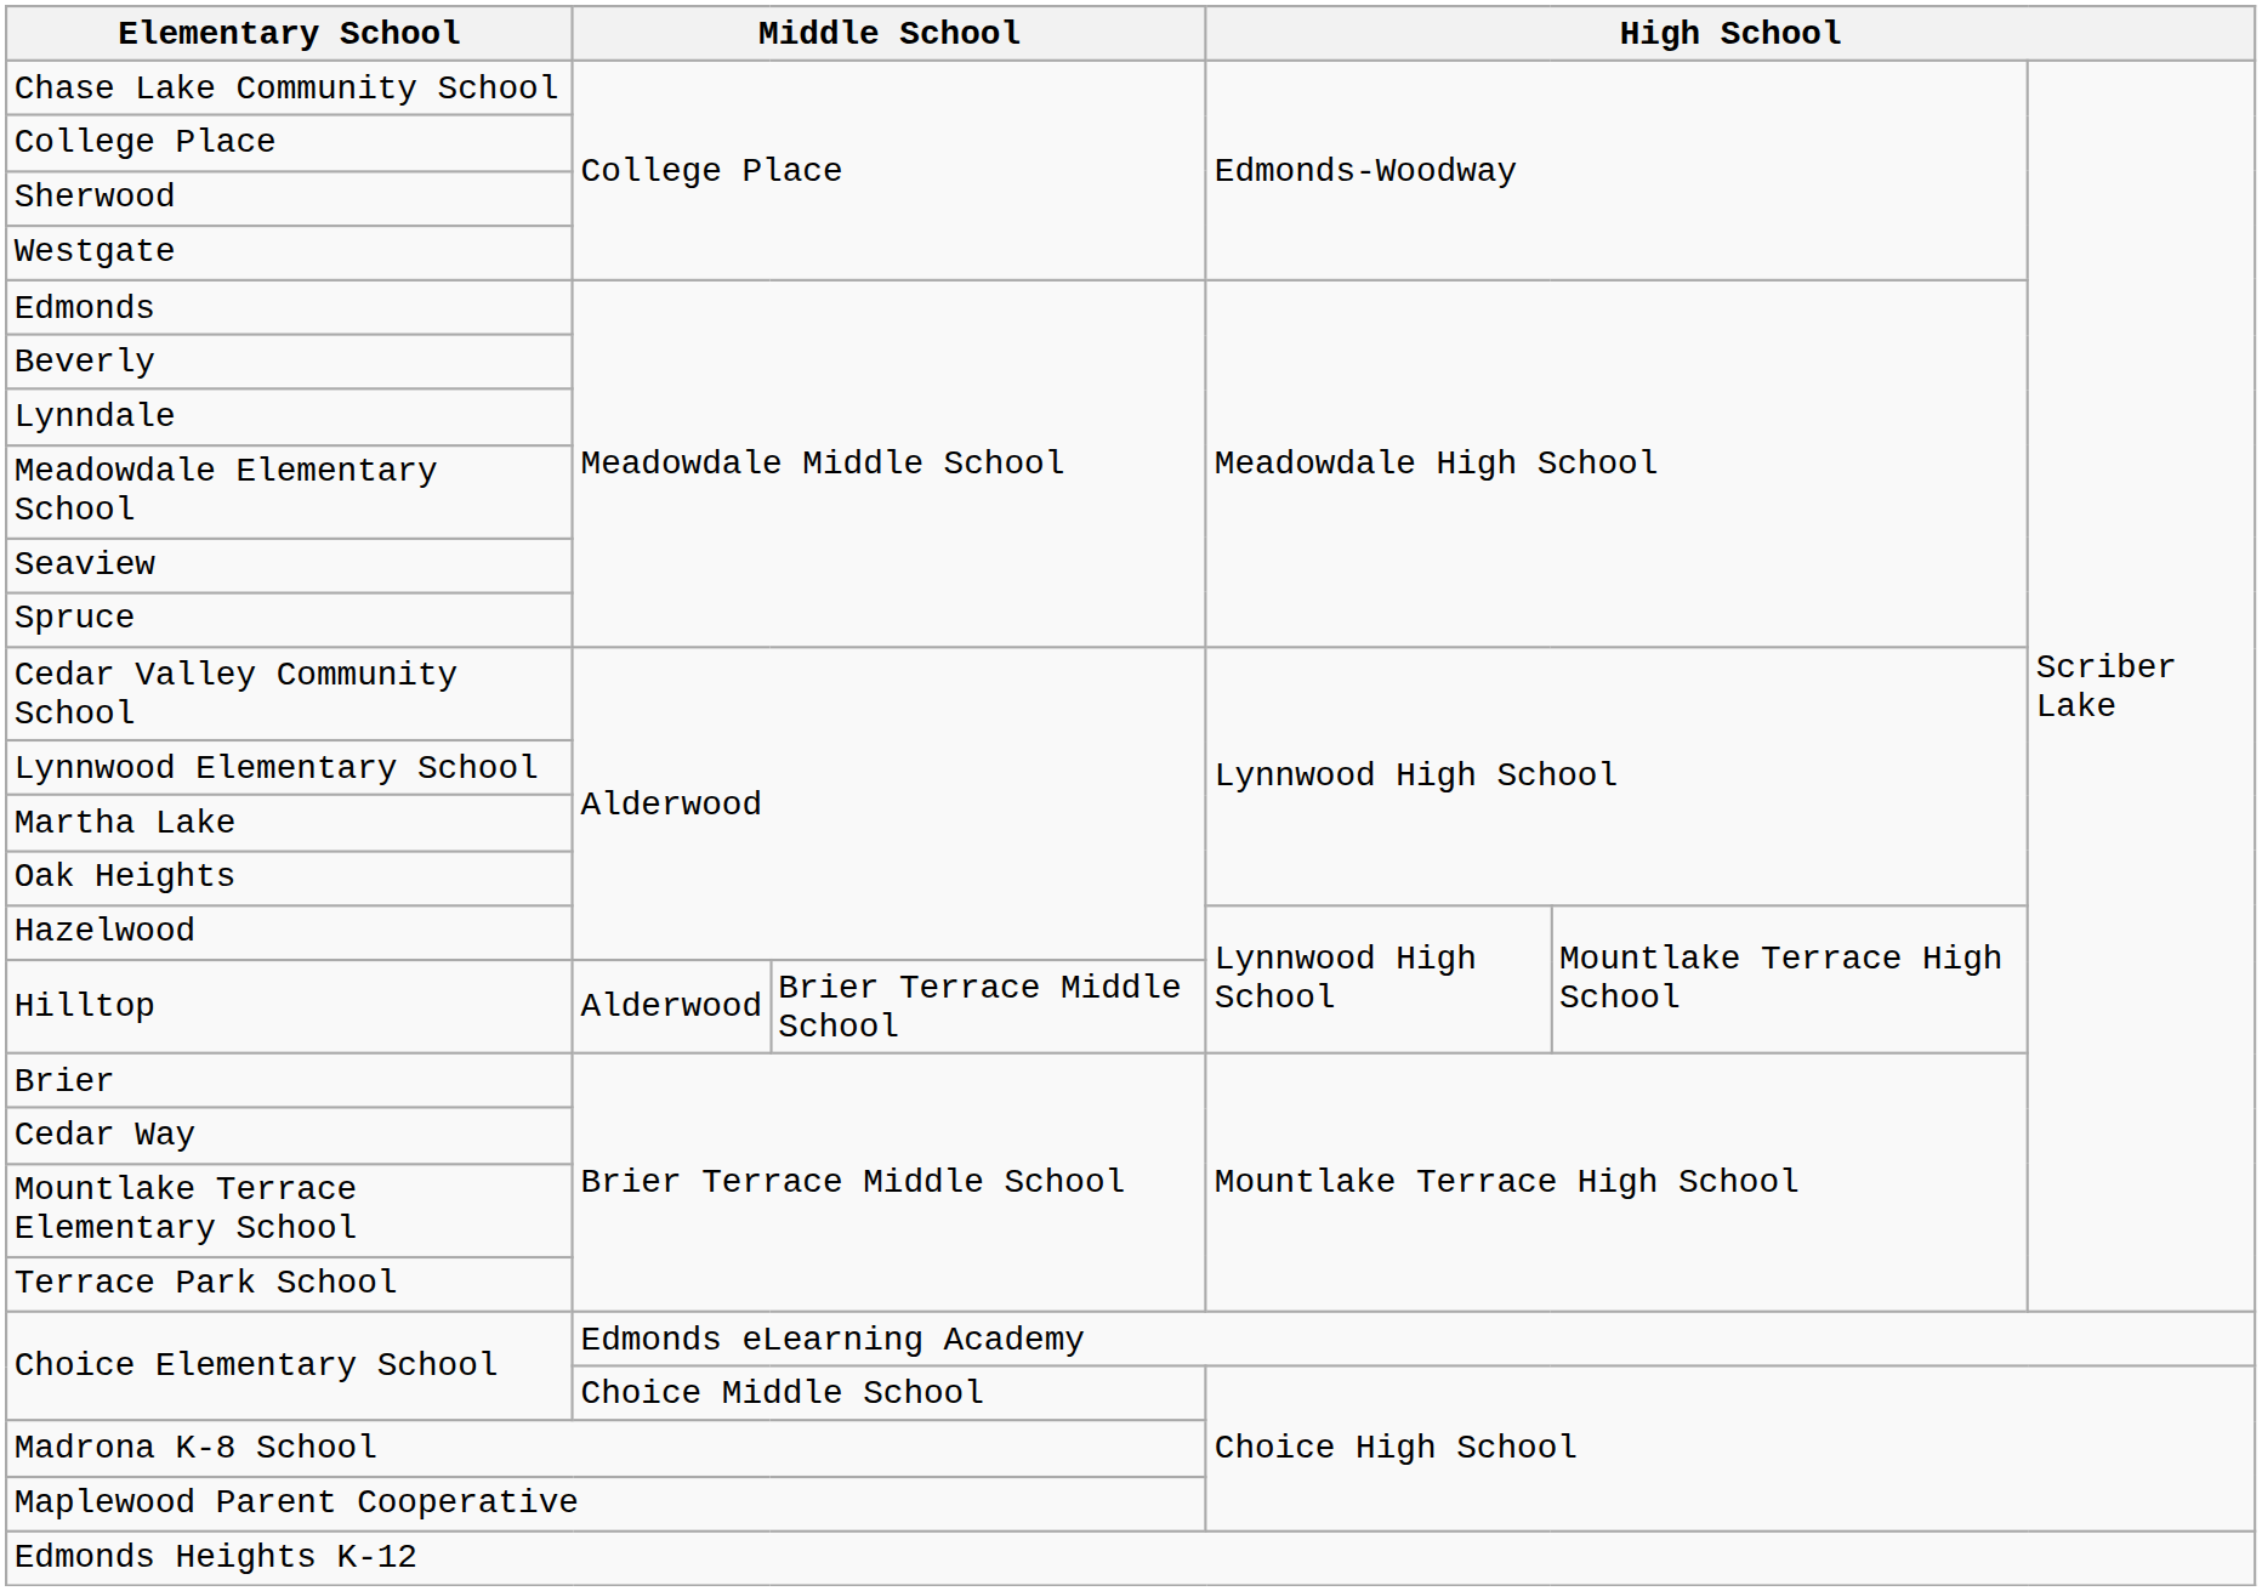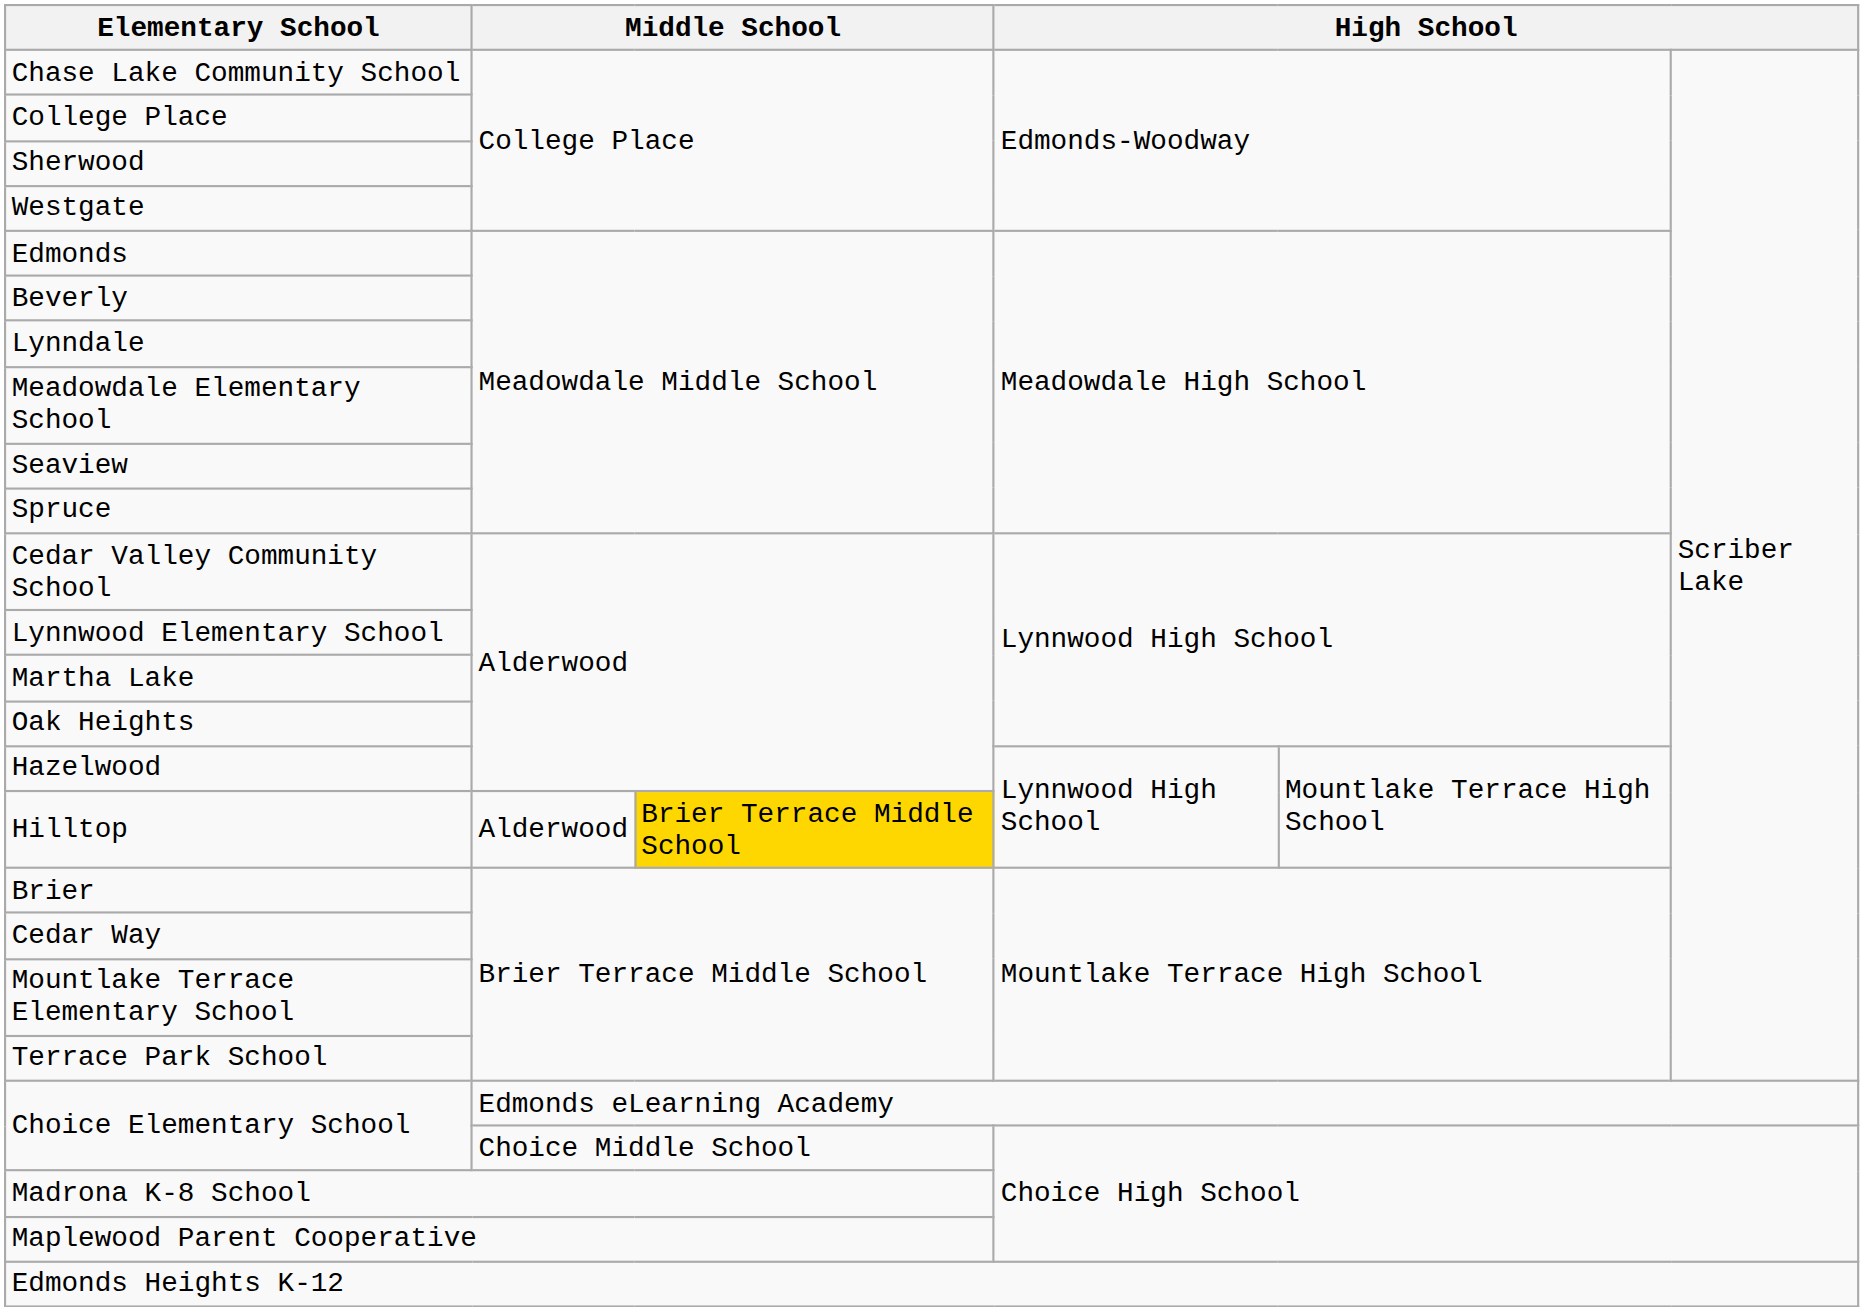 <table class="wikitable sortable">
 <tr>
 <th>Elementary School</th>
 <th colspan="2">Middle School</th>
 <th colspan="3">High School</th>
 </tr>
 <tr>
 <td>Chase Lake Community School</td>
 <td colspan="2" rowspan="5">College Place</td>
 <td colspan="2" rowspan="5">Edmonds-Woodway</td>
 <td rowspan="21">Scriber Lake </td>
 </tr>
 <tr>
 <td>College Place</td>
 </tr>
 <tr>
 <td>Sherwood</td>
 </tr>
 <tr>
 <td>Westgate</td>
 </tr>
 <tr>
 <td rowspan="2">Edmonds </td>
 </tr>
 <tr>
 <td colspan="2" rowspan="6">Meadowdale Middle School</td>
 <td colspan="2" rowspan="6">Meadowdale High School</td>
 </tr>
 <tr>
 <td>Beverly</td>
 </tr>
 <tr>
 <td>Lynndale</td>
 </tr>
 <tr>
 <td>Meadowdale Elementary School</td>
 </tr>
 <tr>
 <td>Seaview</td>
 </tr>
 <tr>
 <td>Spruce</td>
 </tr>
 <tr>
 <td>Cedar Valley Community School</td>
 <td colspan="2" rowspan="5">Alderwood </td>
 <td colspan="2" rowspan="4">Lynnwood High School</td>
 </tr>
 <tr>
 <td>Lynnwood Elementary School</td>
 </tr>
 <tr>
 <td>Martha Lake</td>
 </tr>
 <tr>
 <td>Oak Heights</td>
 </tr>
 <tr>
 <td>Hazelwood </td>
 <td rowspan="2">Lynnwood High School</td>
 <td rowspan="2">Mountlake Terrace High School</td>
 </tr>
 <tr>
 <td>Hilltop </td>
 <td>Alderwood </td>
-<td>Brier Terrace Middle School </td>
+<td style="background: gold;">Brier Terrace Middle School </td>
 </tr>
 <tr>
 <td>Brier</td>
 <td colspan="2" rowspan="4">Brier Terrace Middle School</td>
 <td colspan="2" rowspan="4">Mountlake Terrace High School</td>
 </tr>
 <tr>
 <td>Cedar Way</td>
 </tr>
 <tr>
 <td>Mountlake Terrace Elementary School</td>
 </tr>
 <tr>
 <td>Terrace Park School</td>
 </tr>
 <tr>
 <td rowspan="2">Choice Elementary School</td>
 <td colspan="5">Edmonds eLearning Academy </td>
 </tr>
 <tr>
 <td colspan="2">Choice Middle School</td>
 <td colspan="3" rowspan="3">Choice High School</td>
 </tr>
 <tr>
 <td colspan="3">Madrona K-8 School </td>
 </tr>
 <tr>
 <td colspan="3">Maplewood Parent Cooperative </td>
 </tr>
 <tr>
 <td colspan="6">Edmonds Heights K-12 </td>
 </tr>
 </table>
